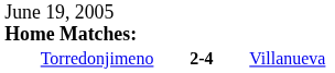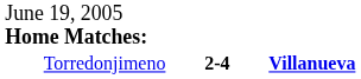 <table width=100% cellspacing=1>
 <tr>
 <th width=20%></th>
 <th width=12%></th>
 <th width=20%></th>
 <th></th>
 </tr>
 <tr>
 <td>June 19, 2005<br><strong>Home Matches:</strong></td>
 </tr>
 <tr style=font-size:90%>
 <td align=right><a href='#'>Torredonjimeno</a></td>
 <td align=center><strong>2-4</strong></td>
-<td><a href='#'>Villanueva</a></td>
+<td><strong><a href='#'>Villanueva</a></strong></td>
 </tr>
 </table>
